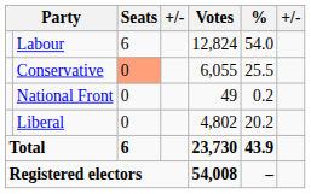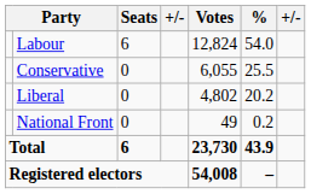 <table class="wikitable sortable">
 <tr>
 <th colspan="2">Party</th>
 <th>Seats</th>
 <th>+/-</th>
 <th>Votes</th>
 <th>%</th>
 <th>+/-</th>
 </tr>
 <tr>
 <td style="background-color: "></td>
 <td><a href='#'>Labour</a></td>
 <td>6</td>
 <td></td>
 <td style="text-align:right;">12,824</td>
 <td style="text-align:right;">54.0</td>
 <td style="text-align:right;"></td>
 </tr>
 <tr>
 <td style="background-color: "></td>
 <td><a href='#'>Conservative</a></td>
-<td style="background: lightsalmon;">0</td>
+<td>0</td>
 <td></td>
 <td style="text-align:right;">6,055</td>
 <td style="text-align:right;">25.5</td>
+<td style="text-align:right;"></td>
+</tr>
+<tr>
+<td style="background-color: "></td>
+<td><a href='#'>Liberal</a></td>
+<td>0</td>
+<td></td>
+<td style="text-align:right;">4,802</td>
+<td style="text-align:right;">20.2</td>
 <td style="text-align:right;"></td>
 </tr>
 <tr>
 <td style="background-color: "></td>
 <td><a href='#'>National Front</a></td>
 <td>0</td>
 <td></td>
 <td style="text-align:right;">49</td>
 <td style="text-align:right;">0.2</td>
-<td style="text-align:right;"></td>
-</tr>
-<tr>
-<td style="background-color: "></td>
-<td><a href='#'>Liberal</a></td>
-<td>0</td>
-<td></td>
-<td style="text-align:right;">4,802</td>
-<td style="text-align:right;">20.2</td>
 <td style="text-align:right;"></td>
 </tr>
 <tr>
 <td colspan="2"><strong>Total</strong></td>
 <td><strong>6</strong></td>
 <td></td>
 <td style="text-align:right;"><strong>23,730</strong></td>
 <td style="text-align:right;"><strong>43.9</strong></td>
 <td style="text-align:right;"></td>
 </tr>
 <tr>
 <td colspan="4"><strong>Registered electors</strong></td>
 <td style="text-align:right;"><strong>54,008</strong></td>
 <td style="text-align:right;"><strong>–</strong></td>
 <td style="text-align:right;"></td>
 </tr>
 </table>
